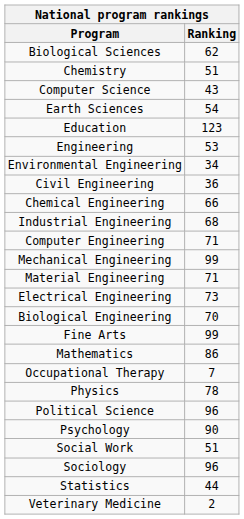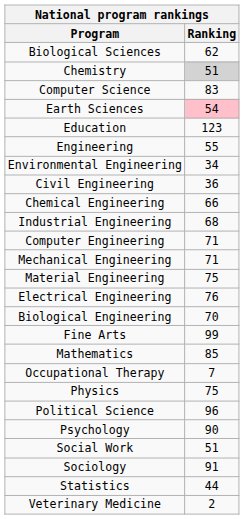 <table class="wikitable sortable collapsible collapsed" style="float:right; text-align:center">
 <tr>
 <th colspan=4>National program rankings</th>
 </tr>
 <tr>
 <th>Program</th>
 <th>Ranking</th>
 </tr>
 <tr>
 <td>Biological Sciences</td>
 <td>62</td>
 </tr>
 <tr>
 <td>Chemistry</td>
-<td>51</td>
+<td style="background: lightgrey;">51</td>
 </tr>
 <tr>
 <td>Computer Science</td>
-<td>43</td>
+<td>83</td>
 </tr>
 <tr>
 <td>Earth Sciences</td>
-<td>54</td>
+<td style="background: pink;">54</td>
 </tr>
 <tr>
 <td>Education</td>
 <td>123</td>
 </tr>
 <tr>
 <td>Engineering</td>
-<td>53</td>
+<td>55</td>
 </tr>
 <tr>
 <td>Environmental Engineering</td>
 <td>34</td>
 </tr>
 <tr>
 <td>Civil Engineering</td>
 <td>36</td>
 </tr>
 <tr>
 <td>Chemical Engineering</td>
 <td>66</td>
 </tr>
 <tr>
 <td>Industrial Engineering</td>
 <td>68</td>
 </tr>
 <tr>
 <td>Computer Engineering</td>
 <td>71</td>
 </tr>
 <tr>
 <td>Mechanical Engineering</td>
-<td>99</td>
+<td>71</td>
 </tr>
 <tr>
 <td>Material Engineering</td>
-<td>71</td>
+<td>75</td>
 </tr>
 <tr>
 <td>Electrical Engineering</td>
-<td>73</td>
+<td>76</td>
 </tr>
 <tr>
 <td>Biological Engineering</td>
 <td>70</td>
 </tr>
 <tr>
 <td>Fine Arts</td>
 <td>99</td>
 </tr>
 <tr>
 <td>Mathematics</td>
-<td>86</td>
+<td>85</td>
 </tr>
 <tr>
 <td>Occupational Therapy</td>
 <td>7</td>
 </tr>
 <tr>
 <td>Physics</td>
-<td>78</td>
+<td>75</td>
 </tr>
 <tr>
 <td>Political Science</td>
 <td>96</td>
 </tr>
 <tr>
 <td>Psychology</td>
 <td>90</td>
 </tr>
 <tr>
 <td>Social Work</td>
 <td>51</td>
 </tr>
 <tr>
 <td>Sociology</td>
-<td>96</td>
+<td>91</td>
 </tr>
 <tr>
 <td>Statistics</td>
 <td>44</td>
 </tr>
 <tr>
 <td>Veterinary Medicine</td>
 <td>2</td>
 </tr>
 </table>
